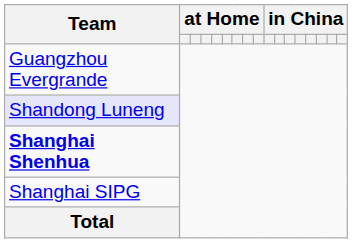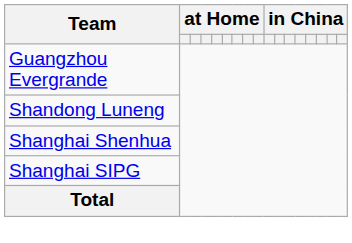 <table class="wikitable plainrowheaders sortable">
 <tr>
 <th width=140px rowspan=2>Team</th>
 <th colspan=8>at Home</th>
 <th colspan=8>in China</th>
 </tr>
 <tr>
 <th></th>
 <th></th>
 <th></th>
 <th></th>
 <th></th>
 <th></th>
 <th></th>
 <th></th>
 <th></th>
 <th></th>
 <th></th>
 <th></th>
 <th></th>
 <th></th>
 <th></th>
 <th></th>
 </tr>
 <tr>
 <td><a href='#'>Guangzhou Evergrande</a><br> </td>
 </tr>
 <tr>
-<td style="background: lavender;"><a href='#'>Shandong Luneng</a><br> </td>
+<td><a href='#'>Shandong Luneng</a><br> </td>
 </tr>
 <tr>
-<td><strong><a href='#'>Shanghai Shenhua</a><br> </strong></td>
+<td><a href='#'>Shanghai Shenhua</a><br> </td>
 </tr>
 <tr>
 <td><a href='#'>Shanghai SIPG</a><br> </td>
 </tr>
 <tr class="sortbottom">
 <th>Total<br> </th>
 </tr>
 </table>
